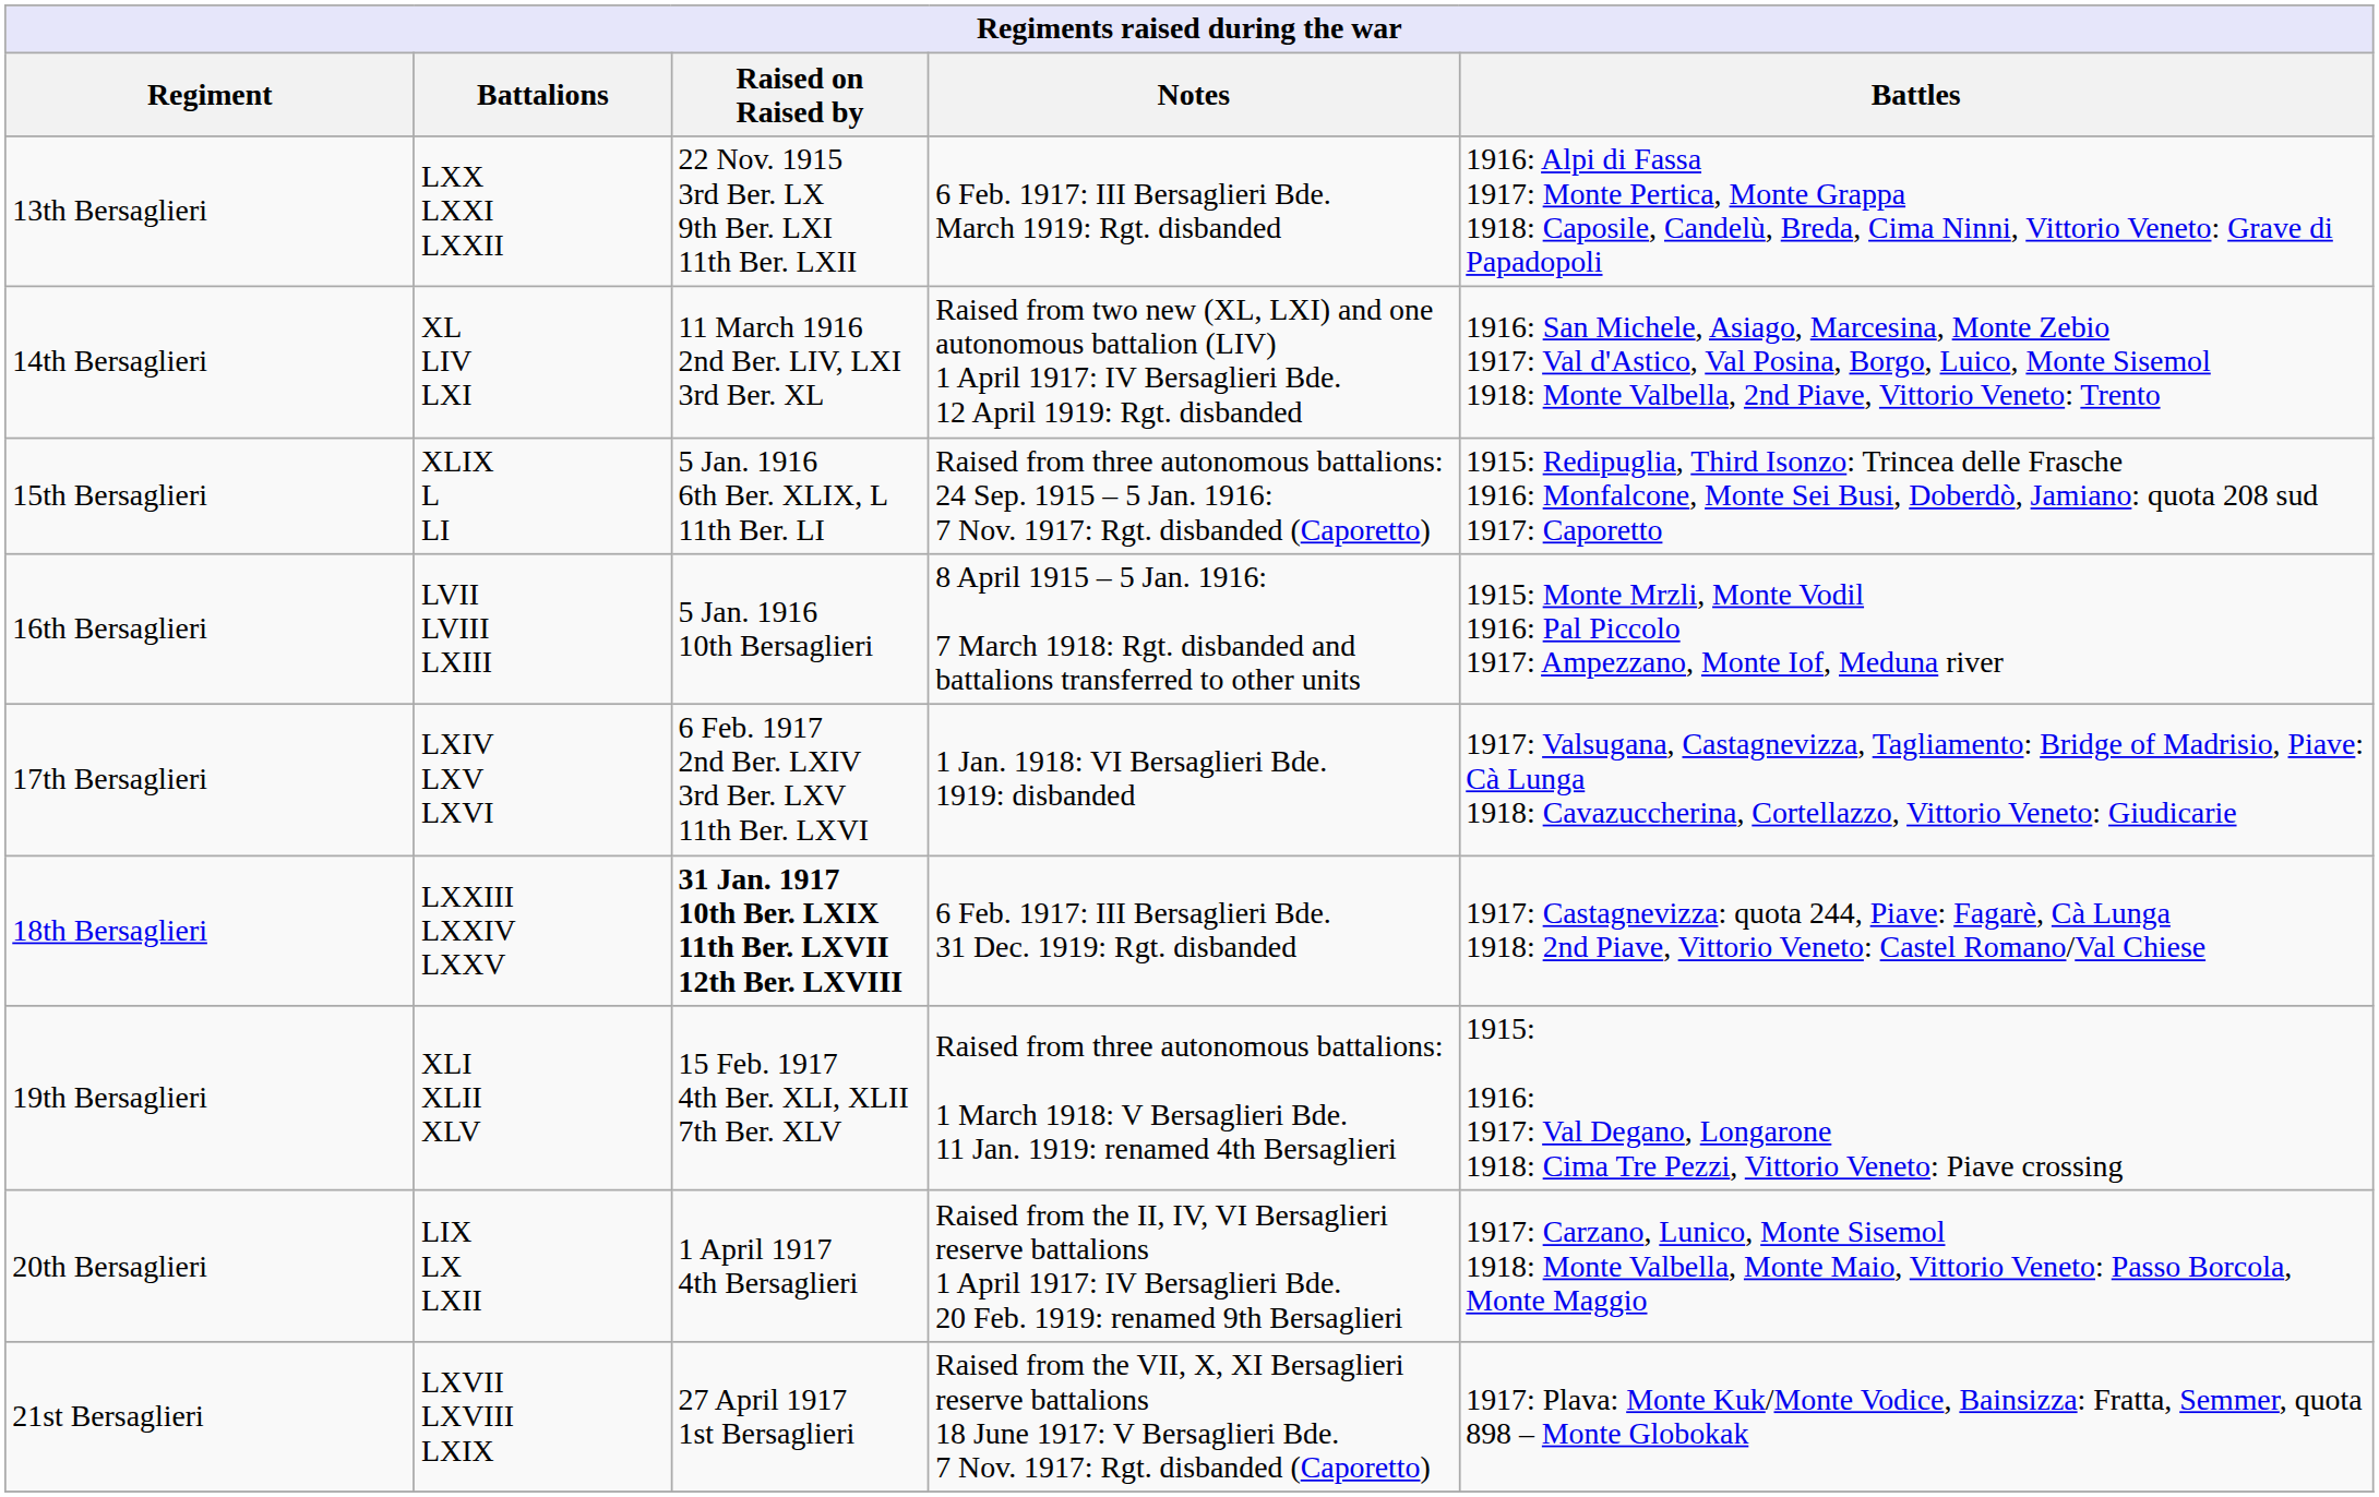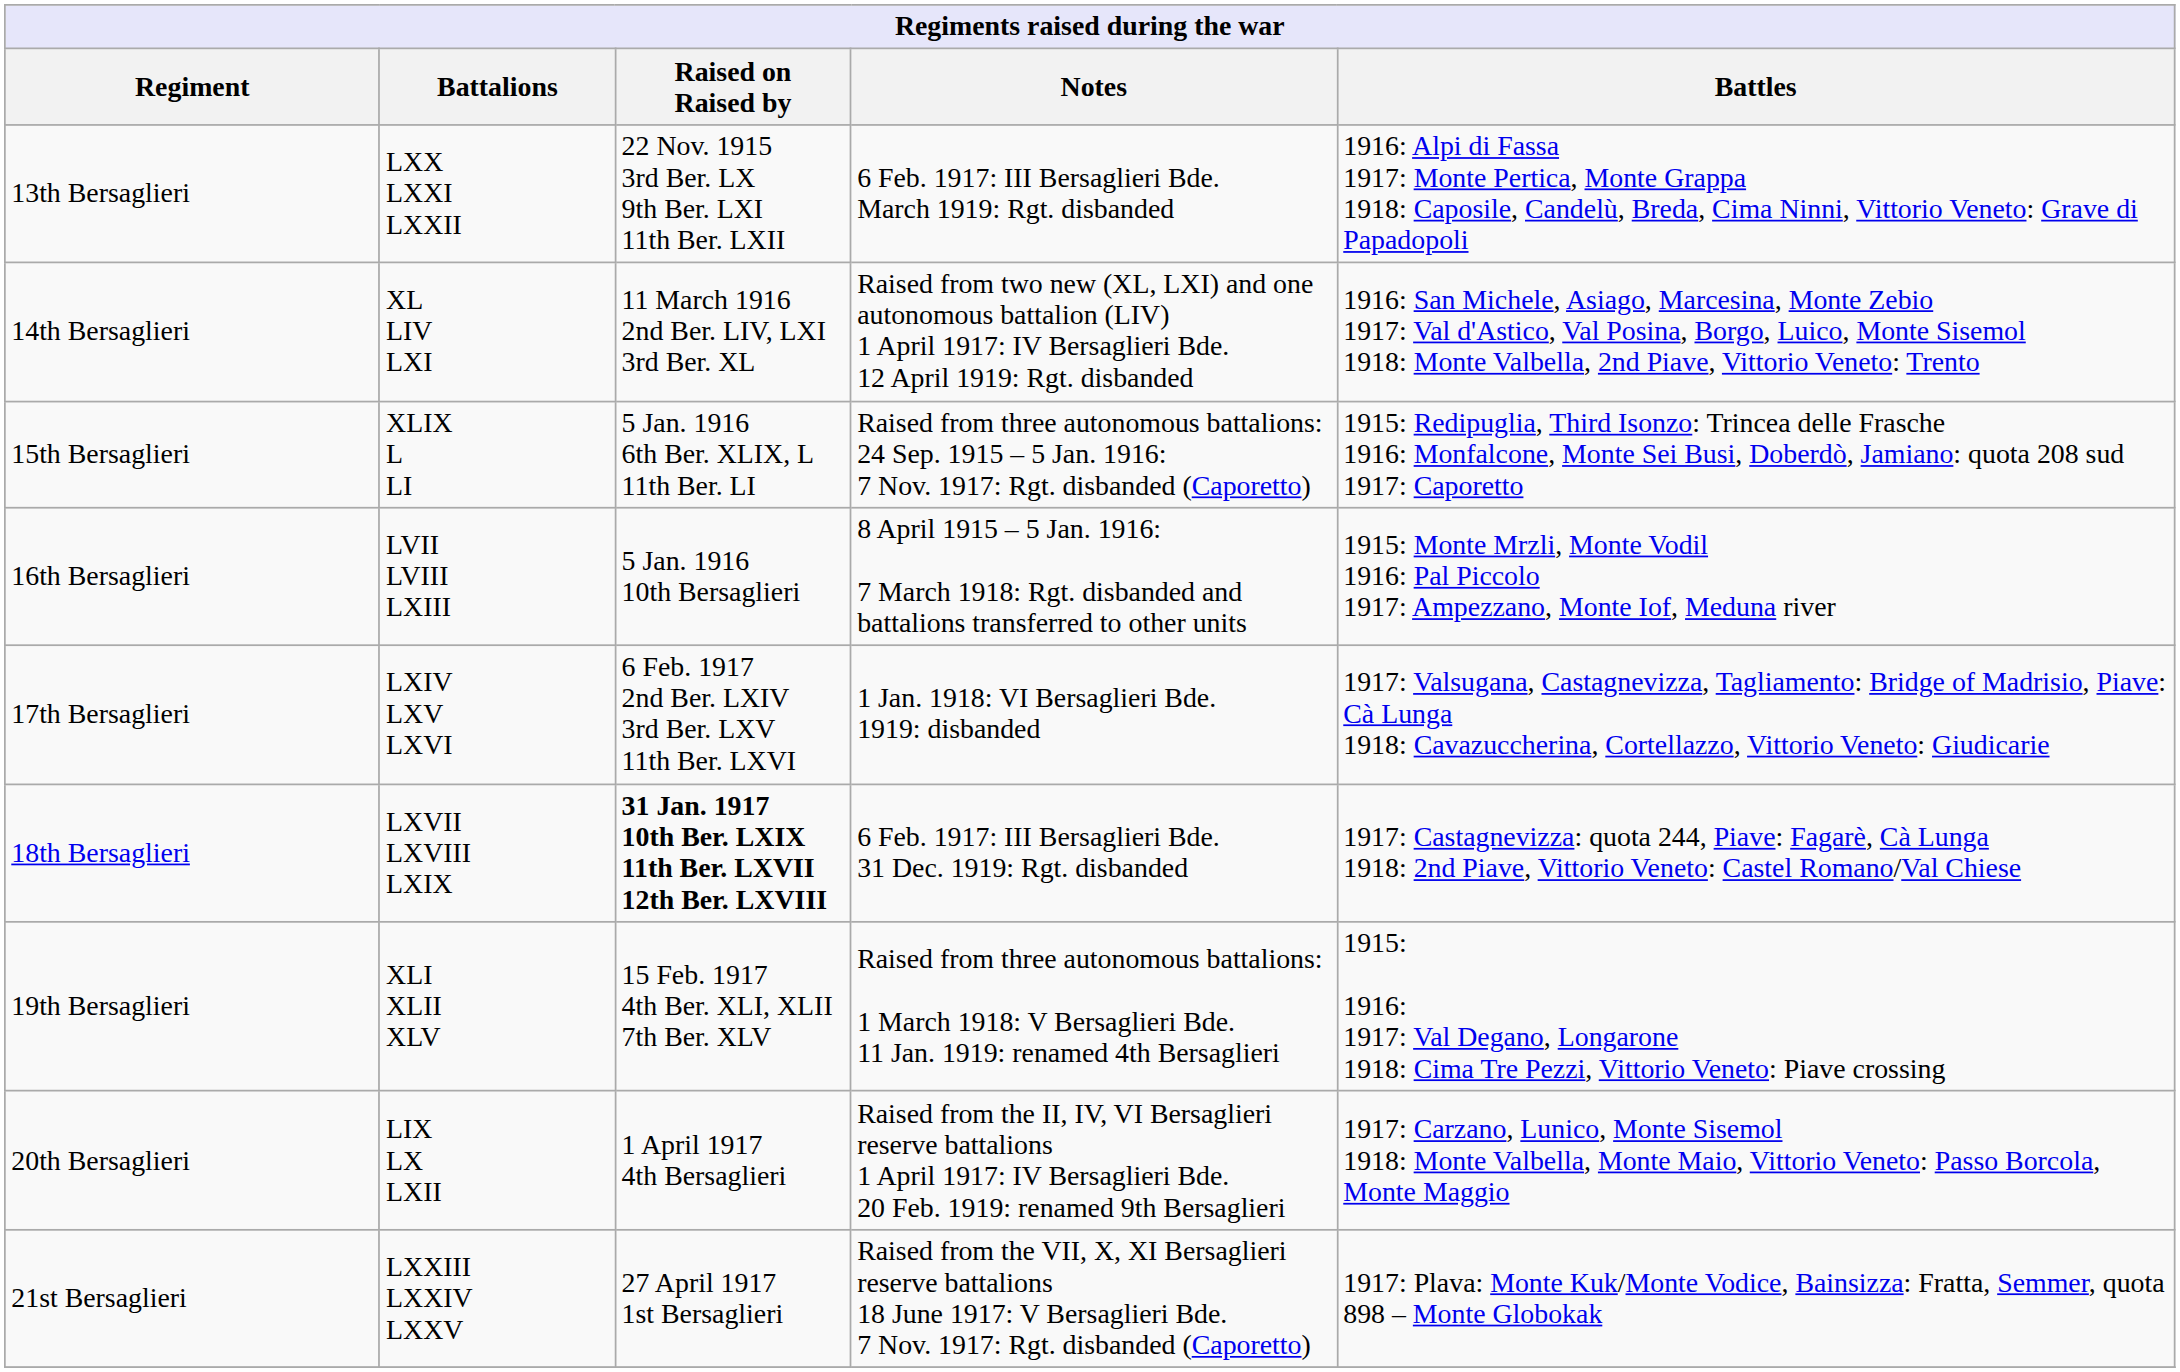 <table class="wikitable">
 <tr>
 <th style="align: center; background: lavender;" colspan="5">Regiments raised during the war</th>
 </tr>
 <tr>
 <th>Regiment</th>
 <th>Battalions</th>
 <th>Raised on<br>Raised by</th>
 <th>Notes</th>
 <th>Battles</th>
 </tr>
 <tr>
 <td style="width: 13em;">13th Bersaglieri</td>
 <td>LXX<br>LXXI<br>LXXII</td>
 <td style="width: 8em;">22 Nov. 1915<br>3rd Ber. LX<br>9th Ber. LXI<br>11th Ber. LXII</td>
 <td>6 Feb. 1917: III Bersaglieri Bde.<br>March 1919: Rgt. disbanded</td>
 <td>1916: <a href='#'>Alpi di Fassa</a><br>1917: <a href='#'>Monte Pertica</a>, <a href='#'>Monte Grappa</a><br>1918: <a href='#'>Caposile</a>, <a href='#'>Candelù</a>, <a href='#'>Breda</a>, <a href='#'>Cima Ninni</a>, <a href='#'>Vittorio Veneto</a>: <a href='#'>Grave di Papadopoli</a></td>
 </tr>
 <tr>
 <td>14th Bersaglieri</td>
 <td>XL<br>LIV<br>LXI</td>
 <td>11 March 1916<br>2nd Ber. LIV, LXI<br>3rd Ber. XL</td>
 <td>Raised from two new (XL, LXI) and one autonomous battalion (LIV)<br>1 April 1917: IV Bersaglieri Bde.<br>12 April 1919: Rgt. disbanded</td>
 <td>1916: <a href='#'>San Michele</a>, <a href='#'>Asiago</a>, <a href='#'>Marcesina</a>, <a href='#'>Monte Zebio</a><br>1917: <a href='#'>Val d'Astico</a>, <a href='#'>Val Posina</a>, <a href='#'>Borgo</a>, <a href='#'>Luico</a>, <a href='#'>Monte Sisemol</a><br>1918: <a href='#'>Monte Valbella</a>, <a href='#'>2nd Piave</a>, <a href='#'>Vittorio Veneto</a>: <a href='#'>Trento</a></td>
 </tr>
 <tr>
 <td>15th Bersaglieri</td>
 <td>XLIX<br>L<br>LI</td>
 <td>5 Jan. 1916<br>6th Ber. XLIX, L<br>11th Ber. LI</td>
 <td>Raised from three autonomous battalions:<br>24 Sep. 1915 – 5 Jan. 1916:<br>7 Nov. 1917: Rgt. disbanded (<a href='#'>Caporetto</a>)</td>
 <td>1915: <a href='#'>Redipuglia</a>, <a href='#'>Third Isonzo</a>: Trincea delle Frasche<br>1916: <a href='#'>Monfalcone</a>, <a href='#'>Monte Sei Busi</a>, <a href='#'>Doberdò</a>, <a href='#'>Jamiano</a>: quota 208 sud<br>1917: <a href='#'>Caporetto</a></td>
 </tr>
 <tr>
 <td>16th Bersaglieri</td>
 <td>LVII<br>LVIII<br>LXIII</td>
 <td>5 Jan. 1916<br>10th Bersaglieri</td>
 <td>8 April 1915 – 5 Jan. 1916:<br><br>7 March 1918: Rgt. disbanded and<br>battalions transferred to other units</td>
 <td>1915: <a href='#'>Monte Mrzli</a>, <a href='#'>Monte Vodil</a><br>1916: <a href='#'>Pal Piccolo</a><br>1917: <a href='#'>Ampezzano</a>, <a href='#'>Monte Iof</a>, <a href='#'>Meduna</a> river</td>
 </tr>
 <tr>
 <td>17th Bersaglieri</td>
 <td>LXIV<br>LXV<br>LXVI</td>
 <td>6 Feb. 1917<br>2nd Ber. LXIV<br>3rd Ber. LXV<br>11th Ber. LXVI</td>
 <td style="width: 17em;">1 Jan. 1918: VI Bersaglieri Bde.<br> 1919: disbanded</td>
 <td>1917: <a href='#'>Valsugana</a>, <a href='#'>Castagnevizza</a>, <a href='#'>Tagliamento</a>: <a href='#'>Bridge of Madrisio</a>, <a href='#'>Piave</a>: <a href='#'>Cà Lunga</a><br>1918: <a href='#'>Cavazuccherina</a>, <a href='#'>Cortellazzo</a>, <a href='#'>Vittorio Veneto</a>: <a href='#'>Giudicarie</a></td>
 </tr>
 <tr>
 <td><a href='#'>18th Bersaglieri</a></td>
-<td>LXXIII<br>LXXIV<br>LXXV</td>
+<td>LXVII<br>LXVIII<br>LXIX</td>
 <td><strong>31 Jan. 1917<br>10th Ber. LXIX<br>11th Ber. LXVII<br>12th Ber. LXVIII</strong></td>
 <td>6 Feb. 1917: III Bersaglieri Bde.<br>31 Dec. 1919: Rgt. disbanded</td>
 <td>1917: <a href='#'>Castagnevizza</a>: quota 244, <a href='#'>Piave</a>: <a href='#'>Fagarè</a>, <a href='#'>Cà Lunga</a><br>1918: <a href='#'>2nd Piave</a>, <a href='#'>Vittorio Veneto</a>: <a href='#'>Castel Romano</a>/<a href='#'>Val Chiese</a></td>
 </tr>
 <tr>
 <td>19th Bersaglieri</td>
 <td>XLI<br>XLII<br>XLV</td>
 <td>15 Feb. 1917<br>4th Ber. XLI, XLII<br>7th Ber. XLV</td>
 <td>Raised from three autonomous battalions:<br><br>1 March 1918: V Bersaglieri Bde.<br>11 Jan. 1919: renamed 4th Bersaglieri</td>
 <td>1915:<br><br>1916:<br>1917: <a href='#'>Val Degano</a>, <a href='#'>Longarone</a> <br>1918: <a href='#'>Cima Tre Pezzi</a>, <a href='#'>Vittorio Veneto</a>: Piave crossing</td>
 </tr>
 <tr>
 <td>20th Bersaglieri</td>
 <td style="width: 8em;">LIX<br>LX<br>LXII</td>
 <td>1 April 1917<br>4th Bersaglieri</td>
 <td>Raised from the II, IV, VI Bersaglieri reserve battalions<br>1 April 1917: IV Bersaglieri Bde.<br>20 Feb. 1919: renamed 9th Bersaglieri</td>
 <td>1917: <a href='#'>Carzano</a>, <a href='#'>Lunico</a>, <a href='#'>Monte Sisemol</a><br>1918: <a href='#'>Monte Valbella</a>, <a href='#'>Monte Maio</a>, <a href='#'>Vittorio Veneto</a>: <a href='#'>Passo Borcola</a>, <a href='#'>Monte Maggio</a></td>
 </tr>
 <tr>
 <td>21st Bersaglieri</td>
-<td>LXVII<br>LXVIII<br>LXIX</td>
+<td>LXXIII<br>LXXIV<br>LXXV</td>
 <td>27 April 1917<br>1st Bersaglieri</td>
 <td>Raised from the VII, X, XI Bersaglieri reserve battalions<br>18 June 1917: V Bersaglieri Bde.<br>7 Nov. 1917: Rgt. disbanded (<a href='#'>Caporetto</a>)</td>
 <td>1917: Plava: <a href='#'>Monte Kuk</a>/<a href='#'>Monte Vodice</a>, <a href='#'>Bainsizza</a>: Fratta, <a href='#'>Semmer</a>, quota 898 – <a href='#'>Monte Globokak</a></td>
 </tr>
 <tr>
 </tr>
 </table>
